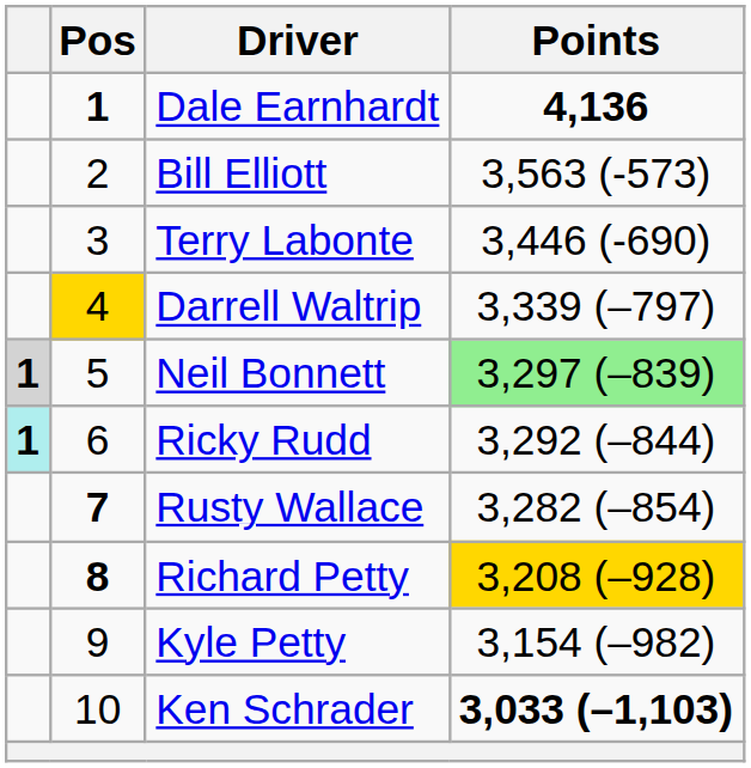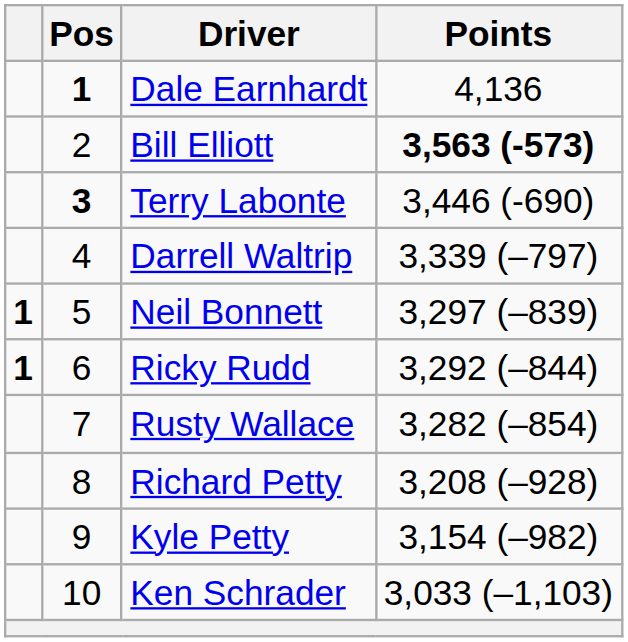 <table class="wikitable" style="font-size: 95%;">
 <tr>
 <th></th>
 <th>Pos</th>
 <th>Driver</th>
 <th>Points</th>
 </tr>
 <tr>
 <td align="left"></td>
 <td style="text-align:center;"><strong>1</strong></td>
 <td><a href='#'>Dale Earnhardt</a></td>
-<td style="text-align:center;"><strong>4,136</strong></td>
+<td style="text-align:center;">4,136</td>
 </tr>
 <tr>
 <td align="left"></td>
 <td style="text-align:center;">2</td>
 <td><a href='#'>Bill Elliott</a></td>
-<td style="text-align:center;">3,563 (-573)</td>
+<td style="text-align:center;"><strong>3,563 (-573)</strong></td>
 </tr>
 <tr>
 <td align="left"></td>
-<td style="text-align:center;">3</td>
+<td style="text-align:center;"><strong>3</strong></td>
 <td><a href='#'>Terry Labonte</a></td>
 <td style="text-align:center;">3,446 (-690)</td>
 </tr>
 <tr>
 <td align="left"></td>
-<td style="background: gold; text-align:center;">4</td>
+<td style="text-align:center;">4</td>
 <td><a href='#'>Darrell Waltrip</a></td>
 <td style="text-align:center;">3,339 (–797)</td>
 </tr>
 <tr>
-<td align="left" style="background: lightgrey;">  <strong>1</strong></td>
+<td align="left">  <strong>1</strong></td>
 <td style="text-align:center;">5</td>
 <td><a href='#'>Neil Bonnett</a></td>
-<td style="background: lightgreen; text-align:center;">3,297 (–839)</td>
+<td style="text-align:center;">3,297 (–839)</td>
 </tr>
 <tr>
-<td align="left" style="background: paleturquoise;">  <strong>1</strong></td>
+<td align="left">  <strong>1</strong></td>
 <td style="text-align:center;">6</td>
 <td><a href='#'>Ricky Rudd</a></td>
 <td style="text-align:center;">3,292 (–844)</td>
 </tr>
 <tr>
 <td align="left"></td>
-<td style="text-align:center;"><strong>7</strong></td>
+<td style="text-align:center;">7</td>
 <td><a href='#'>Rusty Wallace</a></td>
 <td style="text-align:center;">3,282 (–854)</td>
 </tr>
 <tr>
 <td align="left"></td>
-<td style="text-align:center;"><strong>8</strong></td>
+<td style="text-align:center;">8</td>
 <td><a href='#'>Richard Petty</a></td>
-<td style="background: gold; text-align:center;">3,208 (–928)</td>
+<td style="text-align:center;">3,208 (–928)</td>
 </tr>
 <tr>
 <td align="left"></td>
 <td style="text-align:center;">9</td>
 <td><a href='#'>Kyle Petty</a></td>
 <td style="text-align:center;">3,154 (–982)</td>
 </tr>
 <tr>
 <td align="left"></td>
 <td style="text-align:center;">10</td>
 <td><a href='#'>Ken Schrader</a></td>
-<td style="text-align:center;"><strong>3,033 (–1,103)</strong></td>
+<td style="text-align:center;">3,033 (–1,103)</td>
 </tr>
 <tr class="sortbottom">
 <th colspan="9"></th>
 </tr>
 </table>
